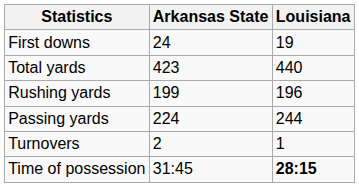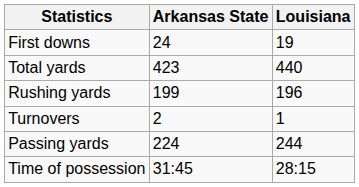 <table class="wikitable">
 <tr>
 <th>Statistics</th>
 <th>Arkansas State</th>
 <th>Louisiana</th>
 </tr>
 <tr>
 <td>First downs</td>
 <td>24</td>
 <td>19</td>
 </tr>
 <tr>
 <td>Total yards</td>
 <td>423</td>
 <td>440</td>
 </tr>
 <tr>
 <td>Rushing yards</td>
 <td>199</td>
 <td>196</td>
 </tr>
 <tr>
+<td>Turnovers</td>
+<td>2</td>
+<td>1</td>
+</tr>
+<tr>
 <td>Passing yards</td>
 <td>224</td>
 <td>244</td>
 </tr>
 <tr>
-<td>Turnovers</td>
-<td>2</td>
-<td>1</td>
-</tr>
-<tr>
 <td>Time of possession</td>
 <td>31:45</td>
-<td><strong>28:15</strong></td>
+<td>28:15</td>
 </tr>
 <tr>
 </tr>
 </table>
